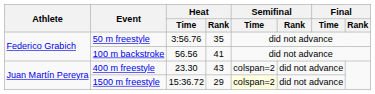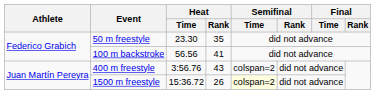 <table class=wikitable style="font-size:90%">
 <tr>
 <th rowspan="2">Athlete</th>
 <th rowspan="2">Event</th>
 <th colspan="2">Heat</th>
 <th colspan="2">Semifinal</th>
 <th colspan="2">Final</th>
 </tr>
 <tr style="font-size:95%">
 <th>Time</th>
 <th>Rank</th>
 <th>Time</th>
 <th>Rank</th>
 <th>Time</th>
 <th>Rank</th>
 </tr>
 <tr align=center>
 <td align=left rowspan=2><a href='#'>Federico Grabich</a></td>
 <td align=left><a href='#'>50 m freestyle</a></td>
-<td>3:56.76</td>
+<td>23.30</td>
 <td>35</td>
 <td colspan=4>did not advance</td>
 </tr>
 <tr align=center>
 <td align=left><a href='#'>100 m backstroke</a></td>
 <td>56.56</td>
 <td>41</td>
 <td colspan=4>did not advance</td>
 </tr>
 <tr align=center>
 <td align=left rowspan=2><a href='#'>Juan Martín Pereyra</a></td>
 <td align=left><a href='#'>400 m freestyle</a></td>
-<td>23.30</td>
+<td>3:56.76</td>
 <td>43</td>
 <td>colspan=2 </td>
 <td colspan=2>did not advance</td>
 </tr>
 <tr align=center>
 <td align=left><a href='#'>1500 m freestyle</a></td>
 <td>15:36.72</td>
-<td>29</td>
+<td>26</td>
 <td style="background: lightyellow;">colspan=2 </td>
 <td colspan=2>did not advance</td>
 </tr>
 </table>
